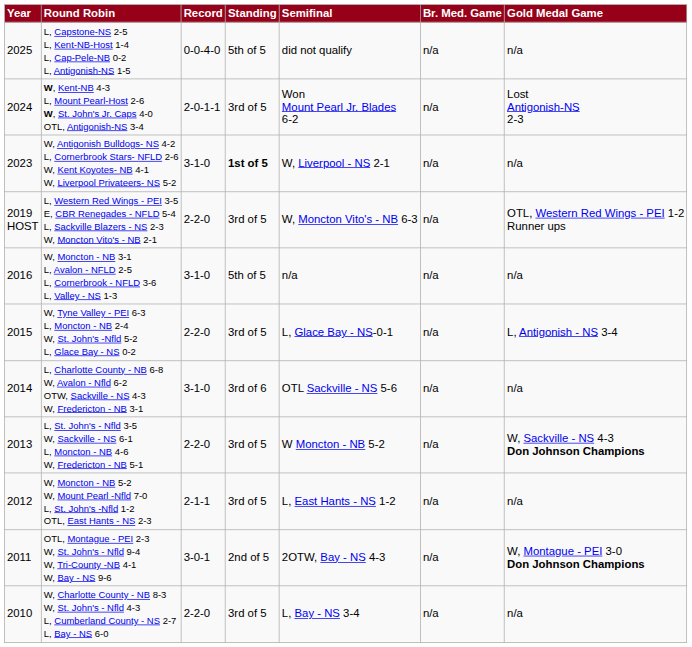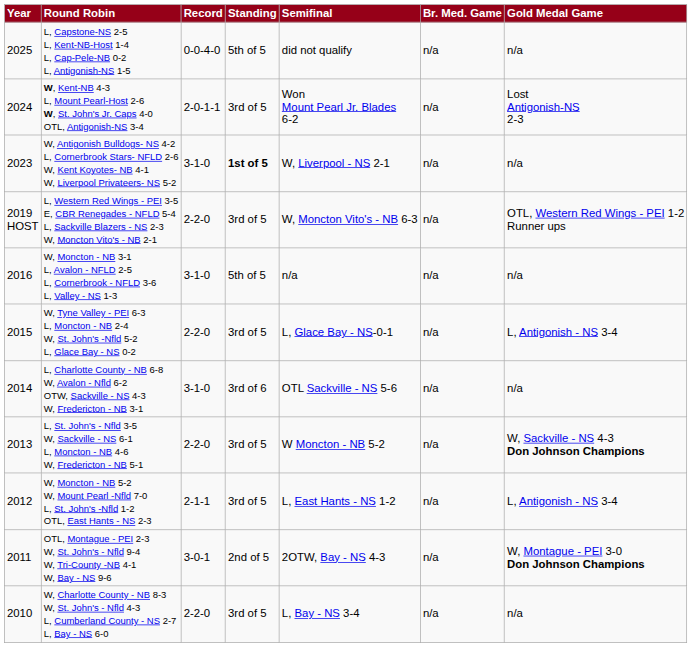 <table class="wikitable">
 <tr style="font-weight:bold; color:#FFFFFF" bgcolor="#960018" |>
 <td>Year</td>
 <td>Round Robin</td>
 <td>Record</td>
 <td>Standing</td>
 <td>Semifinal</td>
 <td>Br. Med. Game</td>
 <td>Gold Medal Game</td>
 </tr>
 <tr>
 <td>2025</td>
 <td><small>L, <a href='#'>Capstone-NS</a> 2-5<br>L, <a href='#'>Kent-NB-Host</a> 1-4<br>L, <a href='#'>Cap-Pele-NB</a> 0-2<br>L, <a href='#'>Antigonish-NS</a> 1-5</small></td>
 <td>0-0-4-0</td>
 <td>5th of 5</td>
 <td>did not qualify</td>
 <td>n/a</td>
 <td>n/a</td>
 </tr>
 <tr>
 <td>2024</td>
 <td><small><strong>W</strong>, <a href='#'>Kent-NB</a> 4-3<br>L, <a href='#'>Mount Pearl-Host</a> 2-6<br><strong>W</strong>, <a href='#'>St. John's Jr. Caps</a> 4-0<br>OTL, <a href='#'>Antigonish-NS</a> 3-4</small></td>
 <td>2-0-1-1</td>
 <td>3rd of 5</td>
 <td>Won<br> <a href='#'>Mount Pearl Jr. Blades</a><br> 6-2</td>
 <td>n/a</td>
 <td>Lost<br> <a href='#'>Antigonish-NS</a> <br>2-3</td>
 </tr>
 <tr>
 <td>2023</td>
 <td><small>W, <a href='#'>Antigonish Bulldogs- NS</a> 4-2<br>L, <a href='#'>Cornerbrook Stars- NFLD</a> 2-6<br>W, <a href='#'>Kent Koyotes- NB</a> 4-1<br>W, <a href='#'>Liverpool Privateers- NS</a> 5-2</small></td>
 <td>3-1-0</td>
 <td><strong>1st of 5</strong></td>
 <td>W, <a href='#'>Liverpool - NS</a> 2-1</td>
 <td>n/a</td>
 <td>n/a</td>
 </tr>
 <tr>
 <td>2019<br>HOST</td>
 <td><small>L, <a href='#'>Western Red Wings - PEI</a> 3-5<br>E, <a href='#'>CBR Renegades - NFLD</a> 5-4<br>L, <a href='#'>Sackville Blazers - NS</a> 2-3<br>W, <a href='#'>Moncton Vito's - NB</a> 2-1</small></td>
 <td>2-2-0</td>
 <td>3rd of 5</td>
 <td>W, <a href='#'>Moncton Vito's - NB</a> 6-3</td>
 <td>n/a</td>
 <td>OTL, <a href='#'>Western Red Wings - PEI</a> 1-2<br>Runner ups</td>
 </tr>
 <tr>
 <td>2016</td>
 <td><small>W, <a href='#'>Moncton - NB</a> 3-1<br>L, <a href='#'>Avalon - NFLD</a> 2-5<br>L, <a href='#'>Cornerbrook - NFLD</a> 3-6<br>L, <a href='#'>Valley - NS</a> 1-3</small></td>
 <td>3-1-0</td>
 <td>5th of 5</td>
 <td>n/a</td>
 <td>n/a</td>
 <td>n/a</td>
 </tr>
 <tr>
 <td>2015</td>
 <td><small>W, <a href='#'>Tyne Valley - PEI</a> 6-3<br>L, <a href='#'>Moncton - NB</a> 2-4<br>W, <a href='#'>St. John's -Nfld</a> 5-2<br>L, <a href='#'>Glace Bay - NS</a> 0-2</small></td>
 <td>2-2-0</td>
 <td>3rd of 5</td>
 <td>L, <a href='#'>Glace Bay - NS</a>-0-1</td>
 <td>n/a</td>
 <td>L, <a href='#'>Antigonish - NS</a> 3-4</td>
 </tr>
 <tr>
 <td>2014</td>
 <td><small>L, <a href='#'>Charlotte County - NB</a> 6-8<br>W, <a href='#'>Avalon - Nfld</a> 6-2<br>OTW, <a href='#'>Sackville - NS</a> 4-3<br>W, <a href='#'>Fredericton - NB</a> 3-1</small></td>
 <td>3-1-0</td>
 <td>3rd of 6</td>
 <td>OTL <a href='#'>Sackville - NS</a> 5-6</td>
 <td>n/a</td>
 <td>n/a</td>
 </tr>
 <tr>
 <td>2013</td>
 <td><small>L, <a href='#'>St. John's - Nfld</a> 3-5<br>W, <a href='#'>Sackville - NS</a> 6-1<br>L, <a href='#'>Moncton - NB</a> 4-6<br>W, <a href='#'>Fredericton - NB</a> 5-1</small></td>
 <td>2-2-0</td>
 <td>3rd of 5</td>
 <td>W <a href='#'>Moncton - NB</a> 5-2</td>
 <td>n/a</td>
 <td>W, <a href='#'>Sackville - NS</a> 4-3<br><strong>Don Johnson Champions</strong></td>
 </tr>
 <tr>
 <td>2012</td>
 <td><small>W, <a href='#'>Moncton - NB</a> 5-2<br>W, <a href='#'>Mount Pearl -Nfld</a> 7-0<br>L, <a href='#'>St. John's -Nfld</a>  1-2<br>OTL, <a href='#'>East Hants - NS</a> 2-3</small></td>
 <td>2-1-1</td>
 <td>3rd of 5</td>
 <td>L, <a href='#'>East Hants - NS</a> 1-2</td>
 <td>n/a</td>
-<td>n/a</td>
+<td>L, <a href='#'>Antigonish - NS</a> 3-4</td>
 </tr>
 <tr>
 <td>2011</td>
 <td><small>OTL, <a href='#'>Montague - PEI</a>  2-3<br>W, <a href='#'>St. John's - Nfld</a> 9-4<br>W, <a href='#'>Tri-County -NB</a> 4-1<br>W, <a href='#'>Bay - NS</a> 9-6</small></td>
 <td>3-0-1</td>
 <td>2nd of 5</td>
 <td>2OTW, <a href='#'>Bay - NS</a> 4-3</td>
 <td>n/a</td>
 <td>W, <a href='#'>Montague - PEI</a> 3-0<br><strong>Don Johnson Champions</strong></td>
 </tr>
 <tr>
 <td>2010</td>
 <td><small>W, <a href='#'>Charlotte County - NB</a> 8-3<br>W, <a href='#'>St. John's - Nfld</a> 4-3<br>L, <a href='#'>Cumberland County - NS</a> 2-7<br>L, <a href='#'>Bay - NS</a> 6-0</small></td>
 <td>2-2-0</td>
 <td>3rd of 5</td>
 <td>L, <a href='#'>Bay - NS</a> 3-4</td>
 <td>n/a</td>
 <td>n/a</td>
 </tr>
 </table>
